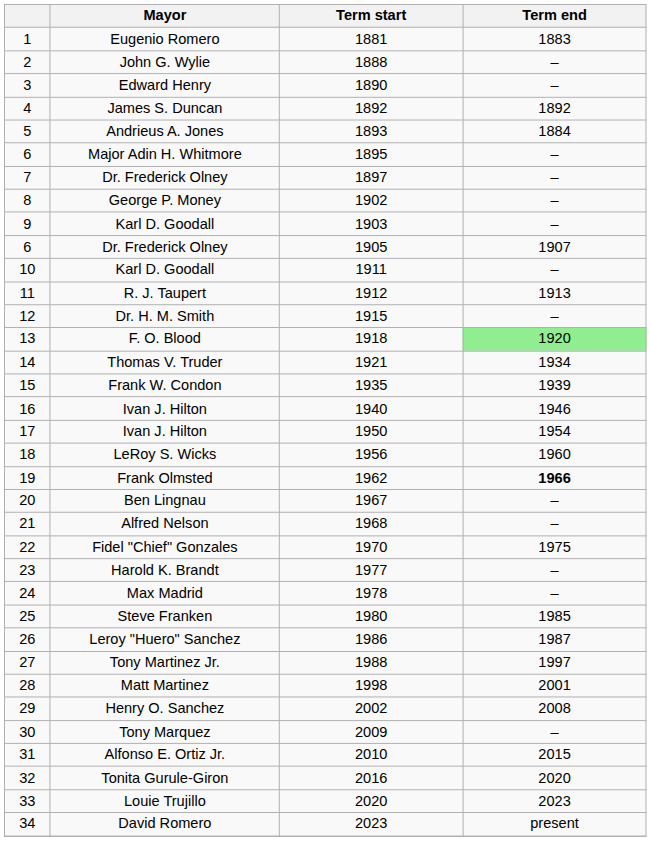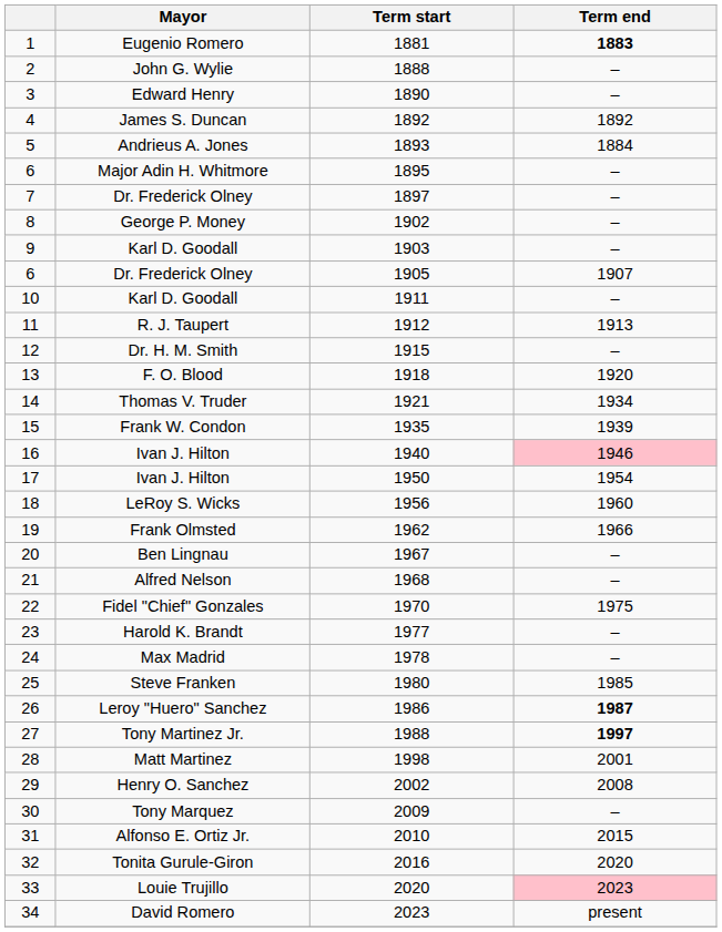 <table class="wikitable" style="text-align:center">
 <tr>
 <th width="5%"></th>
 <th width="25%">Mayor</th>
 <th width="20%">Term start</th>
 <th width="20%">Term end</th>
 </tr>
 <tr>
 <td>1</td>
 <td>Eugenio Romero</td>
 <td>1881</td>
-<td>1883</td>
+<td><strong>1883</strong></td>
 </tr>
 <tr>
 <td>2</td>
 <td>John G. Wylie</td>
 <td>1888</td>
 <td>–</td>
 </tr>
 <tr>
 <td>3</td>
 <td>Edward Henry</td>
 <td>1890</td>
 <td>–</td>
 </tr>
 <tr>
 <td>4</td>
 <td>James S. Duncan</td>
 <td>1892</td>
 <td>1892</td>
 </tr>
 <tr>
 <td>5</td>
 <td>Andrieus A. Jones</td>
 <td>1893</td>
 <td>1884</td>
 </tr>
 <tr>
 <td>6</td>
 <td>Major Adin H. Whitmore</td>
 <td>1895</td>
 <td>–</td>
 </tr>
 <tr>
 <td>7</td>
 <td>Dr. Frederick Olney</td>
 <td>1897</td>
 <td>–</td>
 </tr>
 <tr>
 <td>8</td>
 <td>George P. Money</td>
 <td>1902</td>
 <td>–</td>
 </tr>
 <tr>
 <td>9</td>
 <td>Karl D. Goodall</td>
 <td>1903</td>
 <td>–</td>
 </tr>
 <tr>
 <td>6</td>
 <td>Dr. Frederick Olney</td>
 <td>1905</td>
 <td>1907</td>
 </tr>
 <tr>
 <td>10</td>
 <td>Karl D. Goodall</td>
 <td>1911</td>
 <td>–</td>
 </tr>
 <tr>
 <td>11</td>
 <td>R. J. Taupert</td>
 <td>1912</td>
 <td>1913</td>
 </tr>
 <tr>
 <td>12</td>
 <td>Dr. H. M. Smith</td>
 <td>1915</td>
 <td>–</td>
 </tr>
 <tr>
 <td>13</td>
 <td>F. O. Blood</td>
 <td>1918</td>
-<td style="background: lightgreen;">1920</td>
+<td>1920</td>
 </tr>
 <tr>
 <td>14</td>
 <td>Thomas V. Truder</td>
 <td>1921</td>
 <td>1934</td>
 </tr>
 <tr>
 <td>15</td>
 <td>Frank W. Condon</td>
 <td>1935</td>
 <td>1939</td>
 </tr>
 <tr>
 <td>16</td>
 <td>Ivan J. Hilton</td>
 <td>1940</td>
-<td>1946</td>
+<td style="background: pink;">1946</td>
 </tr>
 <tr>
 <td>17</td>
 <td>Ivan J. Hilton</td>
 <td>1950</td>
 <td>1954</td>
 </tr>
 <tr>
 <td>18</td>
 <td>LeRoy S. Wicks</td>
 <td>1956</td>
 <td>1960</td>
 </tr>
 <tr>
 <td>19</td>
 <td>Frank Olmsted</td>
 <td>1962</td>
-<td><strong>1966</strong></td>
+<td>1966</td>
 </tr>
 <tr>
 <td>20</td>
 <td>Ben Lingnau</td>
 <td>1967</td>
 <td>–</td>
 </tr>
 <tr>
 <td>21</td>
 <td>Alfred Nelson</td>
 <td>1968</td>
 <td>–</td>
 </tr>
 <tr>
 <td>22</td>
 <td>Fidel "Chief" Gonzales</td>
 <td>1970</td>
 <td>1975</td>
 </tr>
 <tr>
 <td>23</td>
 <td>Harold K. Brandt</td>
 <td>1977</td>
 <td>–</td>
 </tr>
 <tr>
 <td>24</td>
 <td>Max Madrid</td>
 <td>1978</td>
 <td>–</td>
 </tr>
 <tr>
 <td>25</td>
 <td>Steve Franken</td>
 <td>1980</td>
 <td>1985</td>
 </tr>
 <tr>
 <td>26</td>
 <td>Leroy "Huero" Sanchez</td>
 <td>1986</td>
-<td>1987</td>
+<td><strong>1987</strong></td>
 </tr>
 <tr>
 <td>27</td>
 <td>Tony Martinez Jr.</td>
 <td>1988</td>
-<td>1997</td>
+<td><strong>1997</strong></td>
 </tr>
 <tr>
 <td>28</td>
 <td>Matt Martinez</td>
 <td>1998</td>
 <td>2001</td>
 </tr>
 <tr>
 <td>29</td>
 <td>Henry O. Sanchez</td>
 <td>2002</td>
 <td>2008</td>
 </tr>
 <tr>
 <td>30</td>
 <td>Tony Marquez</td>
 <td>2009</td>
 <td>–</td>
 </tr>
 <tr>
 <td>31</td>
 <td>Alfonso E. Ortiz Jr.</td>
 <td>2010</td>
 <td>2015</td>
 </tr>
 <tr>
 <td>32</td>
 <td>Tonita Gurule-Giron</td>
 <td>2016</td>
 <td>2020</td>
 </tr>
 <tr>
 <td>33</td>
 <td>Louie Trujillo</td>
 <td>2020</td>
-<td>2023</td>
+<td style="background: pink;">2023</td>
 </tr>
 <tr>
 <td>34</td>
 <td>David Romero</td>
 <td>2023</td>
 <td>present</td>
 </tr>
 <tr>
 </tr>
 </table>
